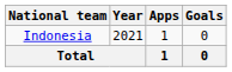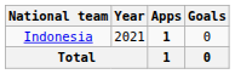 <table class=wikitable style=text-align:center>
 <tr>
 <th>National team</th>
 <th>Year</th>
 <th>Apps</th>
 <th>Goals</th>
 </tr>
 <tr>
 <td><a href='#'>Indonesia</a></td>
 <td>2021</td>
-<td>1</td>
+<td><strong>1</strong></td>
 <td>0</td>
 </tr>
 <tr>
 <th colspan="2">Total</th>
 <th>1</th>
 <th>0</th>
 </tr>
 </table>
